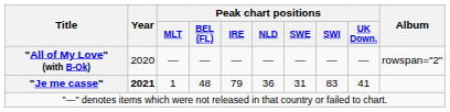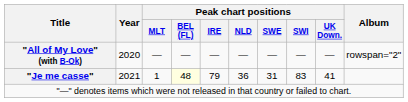 <table class="wikitable plainrowheaders" style="text-align:center;">
 <tr>
 <th scope="col" rowspan="2" style="width:11em;">Title</th>
 <th scope="col" rowspan="2" style="width:1em;">Year</th>
 <th scope="col" colspan="7">Peak chart positions</th>
 <th scope="col" rowspan="2">Album</th>
 </tr>
 <tr>
 <th style="width:3em;font-size:85%;"><a href='#'>MLT</a><br></th>
 <th style="width:3em;font-size:85%;"><a href='#'>BEL<br>(FL)</a><br></th>
 <th style="width:3em;font-size:85%;"><a href='#'>IRE</a><br></th>
 <th style="width:3em;font-size:85%;"><a href='#'>NLD</a><br></th>
 <th style="width:3em;font-size:85%;"><a href='#'>SWE</a><br></th>
 <th style="width:3em;font-size:85%;"><a href='#'>SWI</a><br></th>
 <th style="width:3em;font-size:85%;"><a href='#'>UK<br>Down.</a><br></th>
 </tr>
 <tr>
 <th scope="row">"<a href='#'>All of My Love</a>"<br><small>(with <a href='#'>B-Ok</a>)</small></th>
 <td>2020</td>
 <td>—</td>
 <td>—</td>
 <td>—</td>
 <td>—</td>
 <td>—</td>
 <td>—</td>
 <td>—</td>
 <td>rowspan="2" </td>
 </tr>
 <tr>
 <th scope="row">"<a href='#'>Je me casse</a>"</th>
-<td><strong>2021</strong></td>
+<td>2021</td>
 <td>1</td>
-<td>48</td>
+<td style="background: lightyellow;">48</td>
 <td>79</td>
 <td>36</td>
 <td>31</td>
 <td>83</td>
 <td>41</td>
 </tr>
 <tr>
 <td colspan="10" style="font-size:90%;">"—" denotes items which were not released in that country or failed to chart.</td>
 </tr>
 </table>
